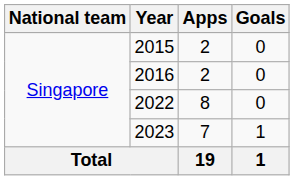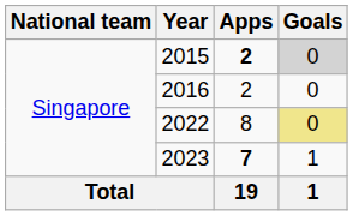 <table class="wikitable" style="text-align:center">
 <tr>
 <th>National team</th>
 <th>Year</th>
 <th>Apps</th>
 <th>Goals</th>
 </tr>
 <tr>
 <td rowspan="4"><a href='#'>Singapore</a></td>
 <td>2015</td>
-<td>2</td>
-<td>0</td>
+<td><strong>2</strong></td>
+<td style="background: lightgrey;">0</td>
 </tr>
 <tr>
 <td>2016</td>
 <td>2</td>
 <td>0</td>
 </tr>
 <tr>
 <td>2022</td>
 <td>8</td>
-<td>0</td>
+<td style="background: khaki;">0</td>
 </tr>
 <tr>
 <td>2023</td>
-<td>7</td>
+<td><strong>7</strong></td>
 <td>1</td>
 </tr>
 <tr>
 <th colspan="2">Total</th>
 <th>19</th>
 <th>1</th>
 </tr>
 </table>
